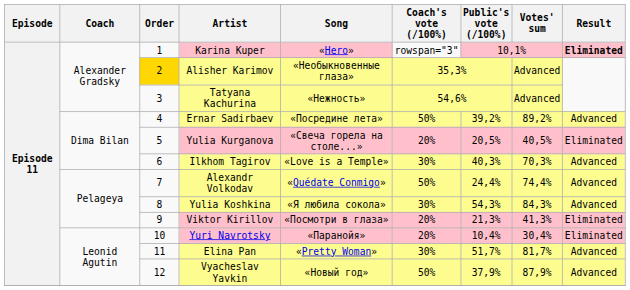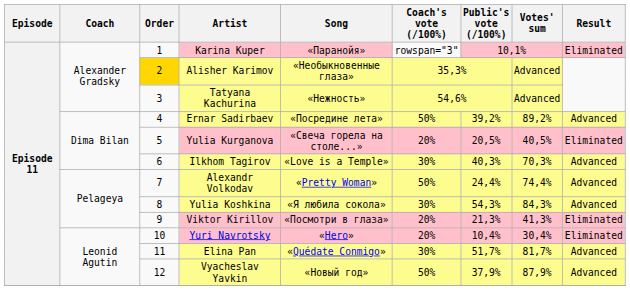 <table class="wikitable" style="text-align:center; width:95%;">
 <tr>
 <th style="width:10%;">Episode</th>
 <th style="width:15%;">Coach</th>
 <th style="width:7%;">Order</th>
 <th style="width:20%;">Artist</th>
 <th style="width:20%;">Song</th>
 <th style="width:5%;">Coach's vote (/100%)</th>
 <th style="width:5%;">Public's vote (/100%)</th>
 <th style="width:5%;">Votes' sum</th>
 <th style="width:10%;">Result</th>
 </tr>
 <tr>
 <th rowspan=12>Episode 11<br><small></small></th>
 <td rowspan=3>Alexander Gradsky</td>
 <td>1</td>
 <td style="background:pink;">Karina Kuper</td>
-<td style="background:pink;">«<a href='#'>Hero</a>»</td>
+<td style="background:pink;">«Паранойя»</td>
 <td>rowspan="3" </td>
 <td colspan=2  style="background:pink;">10,1%</td>
-<td style="background:pink;"><strong>Eliminated</strong></td>
+<td style="background:pink;">Eliminated</td>
 </tr>
 <tr>
 <td style="background: gold;">2</td>
 <td style="background:#fdfc8f;">Alisher Karimov</td>
 <td style="background:#fdfc8f;">«Необыкновенные глаза»</td>
 <td colspan=2  style="background:#fdfc8f;">35,3%</td>
 <td style="background:#fdfc8f;">Advanced</td>
 </tr>
 <tr>
 <td>3</td>
 <td style="background:#fdfc8f;">Tatyana Kachurina</td>
 <td style="background:#fdfc8f;">«Нежность»</td>
 <td colspan=2 style="background:#fdfc8f;">54,6%</td>
 <td style="background:#fdfc8f;">Advanced</td>
 </tr>
 <tr>
 <td rowspan=3>Dima Bilan</td>
 <td>4</td>
 <td style="background:#fdfc8f;">Ernar Sadirbaev</td>
 <td style="background:#fdfc8f;">«Посредине лета»</td>
 <td style="background:#fdfc8f;">50%</td>
 <td style="background:#fdfc8f;">39,2%</td>
 <td style="background:#fdfc8f;">89,2%</td>
 <td style="background:#fdfc8f;">Advanced</td>
 </tr>
 <tr>
 <td>5</td>
 <td style="background:pink;">Yulia Kurganova</td>
 <td style="background:pink;">«Свеча горела на столе...»</td>
 <td style="background:pink;">20%</td>
 <td style="background:pink;">20,5%</td>
 <td style="background:pink;">40,5%</td>
 <td style="background:pink;">Eliminated</td>
 </tr>
 <tr>
 <td>6</td>
 <td style="background:#fdfc8f;">Ilkhom Tagirov</td>
 <td style="background:#fdfc8f;">«Love is a Temple»</td>
 <td style="background:#fdfc8f;">30%</td>
 <td style="background:#fdfc8f;">40,3%</td>
 <td style="background:#fdfc8f;">70,3%</td>
 <td style="background:#fdfc8f;">Advanced</td>
 </tr>
 <tr>
 <td rowspan=3>Pelageya</td>
 <td>7</td>
 <td style="background:#fdfc8f;">Alexandr Volkodav</td>
-<td style="background:#fdfc8f;">«<a href='#'>Quédate Conmigo</a>»</td>
+<td style="background:#fdfc8f;">«<a href='#'>Pretty Woman</a>»</td>
 <td style="background:#fdfc8f;">50%</td>
 <td style="background:#fdfc8f;">24,4%</td>
 <td style="background:#fdfc8f;">74,4%</td>
 <td style="background:#fdfc8f;">Advanced</td>
 </tr>
 <tr>
 <td>8</td>
 <td style="background:#fdfc8f;">Yulia Koshkina</td>
 <td style="background:#fdfc8f;">«Я любила сокола»</td>
 <td style="background:#fdfc8f;">30%</td>
 <td style="background:#fdfc8f;">54,3%</td>
 <td style="background:#fdfc8f;">84,3%</td>
 <td style="background:#fdfc8f;">Advanced</td>
 </tr>
 <tr>
 <td>9</td>
 <td style="background:pink;">Viktor Kirillov</td>
 <td style="background:pink;">«Посмотри в глаза»</td>
 <td style="background:pink;">20%</td>
 <td style="background:pink;">21,3%</td>
 <td style="background:pink;">41,3%</td>
 <td style="background:pink;">Eliminated</td>
 </tr>
 <tr>
 <td rowspan=3>Leonid Agutin</td>
 <td>10</td>
 <td style="background:pink;"><a href='#'>Yuri Navrotsky</a></td>
-<td style="background:pink;">«Паранойя»</td>
+<td style="background:pink;">«<a href='#'>Hero</a>»</td>
 <td style="background:pink;">20%</td>
 <td style="background:pink;">10,4%</td>
 <td style="background:pink;">30,4%</td>
 <td style="background:pink;">Eliminated</td>
 </tr>
 <tr>
 <td>11</td>
 <td style="background:#fdfc8f;">Elina Pan</td>
-<td style="background:#fdfc8f;">«<a href='#'>Pretty Woman</a>»</td>
+<td style="background:#fdfc8f;">«<a href='#'>Quédate Conmigo</a>»</td>
 <td style="background:#fdfc8f;">30%</td>
 <td style="background:#fdfc8f;">51,7%</td>
 <td style="background:#fdfc8f;">81,7%</td>
 <td style="background:#fdfc8f;">Advanced</td>
 </tr>
 <tr>
 <td>12</td>
 <td style="background:#fdfc8f;">Vyacheslav Yavkin</td>
 <td style="background:#fdfc8f;">«Новый год»</td>
 <td style="background:#fdfc8f;">50%</td>
 <td style="background:#fdfc8f;">37,9%</td>
 <td style="background:#fdfc8f;">87,9%</td>
 <td style="background:#fdfc8f;">Advanced</td>
 </tr>
 <tr>
 </tr>
 </table>
